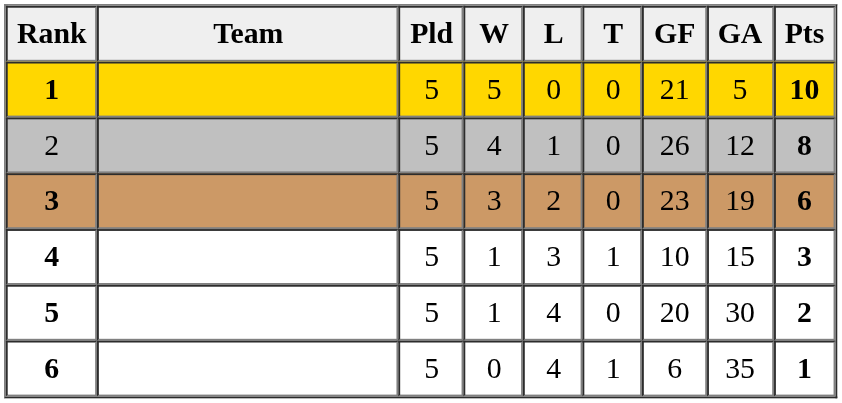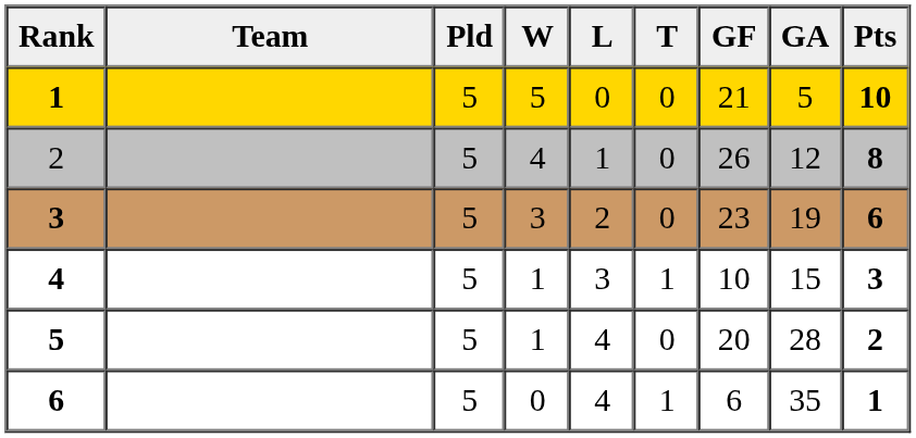 <table border=1 cellpadding=5 cellspacing=0>
 <tr>
 <th bgcolor="#efefef" width="20">Rank</th>
 <th bgcolor="#efefef" width="150">Team</th>
 <th bgcolor="#efefef" width="20">Pld</th>
 <th bgcolor="#efefef" width="20">W</th>
 <th bgcolor="#efefef" width="20">L</th>
 <th bgcolor="#efefef" width="20">T</th>
 <th bgcolor="#efefef" width="20">GF</th>
 <th bgcolor="#efefef" width="20">GA</th>
 <th bgcolor="#efefef" width="20">Pts</th>
 </tr>
 <tr align=center bgcolor="gold">
 <td><strong>1</strong></td>
 <td align=left></td>
 <td>5</td>
 <td>5</td>
 <td>0</td>
 <td>0</td>
 <td>21</td>
 <td>5</td>
 <td><strong>10</strong></td>
 </tr>
 <tr align=center bgcolor="silver">
 <td>2</td>
 <td align=left></td>
 <td>5</td>
 <td>4</td>
 <td>1</td>
 <td>0</td>
 <td>26</td>
 <td>12</td>
 <td><strong>8</strong></td>
 </tr>
 <tr align=center bgcolor="#c96">
 <td><strong>3</strong></td>
 <td align=left></td>
 <td>5</td>
 <td>3</td>
 <td>2</td>
 <td>0</td>
 <td>23</td>
 <td>19</td>
 <td><strong>6</strong></td>
 </tr>
 <tr align=center>
 <td><strong>4</strong></td>
 <td align=left></td>
 <td>5</td>
 <td>1</td>
 <td>3</td>
 <td>1</td>
 <td>10</td>
 <td>15</td>
 <td><strong>3</strong></td>
 </tr>
 <tr align=center>
 <td><strong>5</strong></td>
 <td align=left></td>
 <td>5</td>
 <td>1</td>
 <td>4</td>
 <td>0</td>
 <td>20</td>
-<td>30</td>
+<td>28</td>
 <td><strong>2</strong></td>
 </tr>
 <tr align=center>
 <td><strong>6</strong></td>
 <td align=left></td>
 <td>5</td>
 <td>0</td>
 <td>4</td>
 <td>1</td>
 <td>6</td>
 <td>35</td>
 <td><strong>1</strong></td>
 </tr>
 </table>
